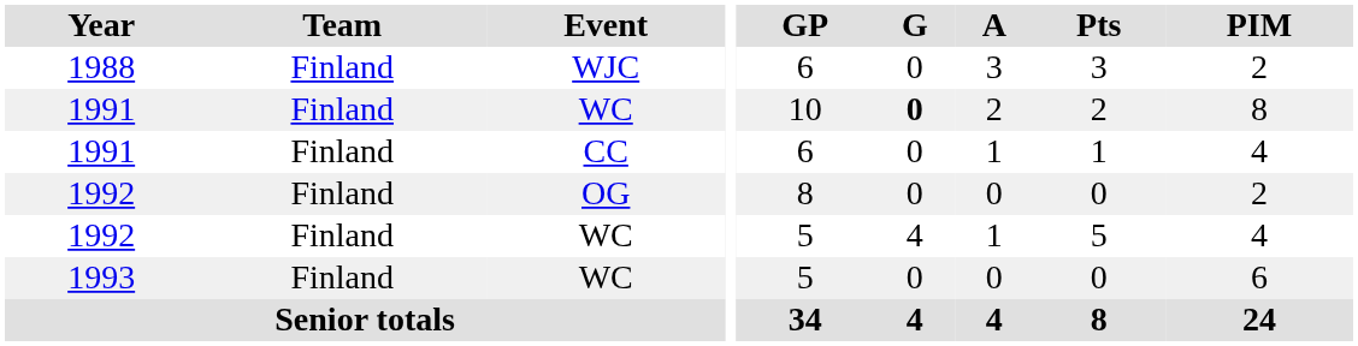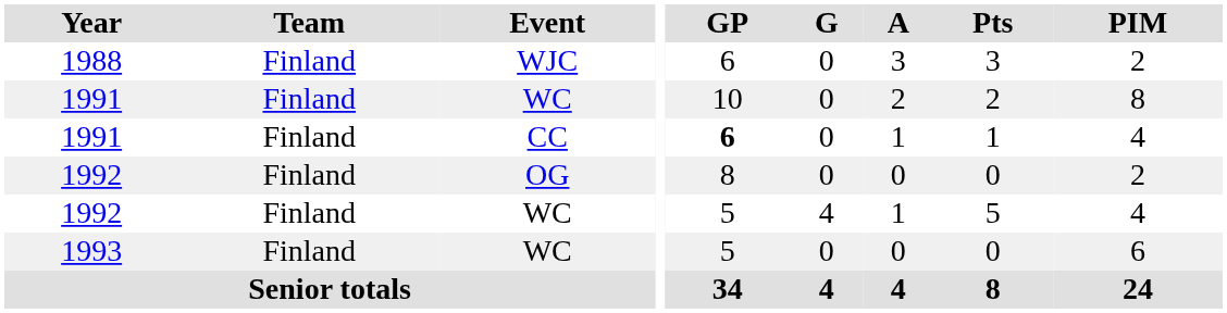 <table border="0" cellpadding="1" cellspacing="0" ID="Table3" style="text-align:center; width:40em">
 <tr ALIGN="center" bgcolor="#e0e0e0">
 <th>Year</th>
 <th>Team</th>
 <th>Event</th>
 <th rowspan="99" bgcolor="#ffffff"></th>
 <th>GP</th>
 <th>G</th>
 <th>A</th>
 <th>Pts</th>
 <th>PIM</th>
 </tr>
 <tr>
 <td><a href='#'>1988</a></td>
 <td><a href='#'>Finland</a></td>
 <td><a href='#'>WJC</a></td>
 <td>6</td>
 <td>0</td>
 <td>3</td>
 <td>3</td>
 <td>2</td>
 </tr>
 <tr bgcolor="#f0f0f0">
 <td><a href='#'>1991</a></td>
 <td><a href='#'>Finland</a></td>
 <td><a href='#'>WC</a></td>
 <td>10</td>
-<td><strong>0</strong></td>
+<td>0</td>
 <td>2</td>
 <td>2</td>
 <td>8</td>
 </tr>
 <tr>
 <td><a href='#'>1991</a></td>
 <td>Finland</td>
 <td><a href='#'>CC</a></td>
-<td>6</td>
+<td><strong>6</strong></td>
 <td>0</td>
 <td>1</td>
 <td>1</td>
 <td>4</td>
 </tr>
 <tr bgcolor="#f0f0f0">
 <td><a href='#'>1992</a></td>
 <td>Finland</td>
 <td><a href='#'>OG</a></td>
 <td>8</td>
 <td>0</td>
 <td>0</td>
 <td>0</td>
 <td>2</td>
 </tr>
 <tr>
 <td><a href='#'>1992</a></td>
 <td>Finland</td>
 <td>WC</td>
 <td>5</td>
 <td>4</td>
 <td>1</td>
 <td>5</td>
 <td>4</td>
 </tr>
 <tr bgcolor="#f0f0f0">
 <td><a href='#'>1993</a></td>
 <td>Finland</td>
 <td>WC</td>
 <td>5</td>
 <td>0</td>
 <td>0</td>
 <td>0</td>
 <td>6</td>
 </tr>
 <tr bgcolor="#e0e0e0">
 <th colspan="3">Senior totals</th>
 <th>34</th>
 <th>4</th>
 <th>4</th>
 <th>8</th>
 <th>24</th>
 </tr>
 </table>
